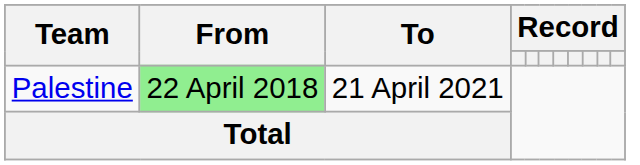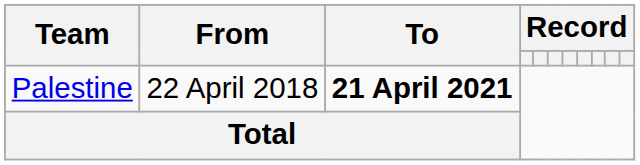 <table class="wikitable" style="text-align: center">
 <tr>
 <th rowspan="2">Team</th>
 <th rowspan="2">From</th>
 <th rowspan="2">To</th>
 <th colspan="8">Record</th>
 </tr>
 <tr>
 <th></th>
 <th></th>
 <th></th>
 <th></th>
 <th></th>
 <th></th>
 <th></th>
 <th></th>
 </tr>
 <tr>
 <td align=left><a href='#'>Palestine</a></td>
-<td align=left style="background: lightgreen;">22 April 2018</td>
-<td align=left>21 April 2021<br></td>
+<td align=left>22 April 2018</td>
+<td align=left><strong>21 April 2021<br></strong></td>
 </tr>
 <tr>
 <th colspan="3">Total<br></th>
 </tr>
 </table>
